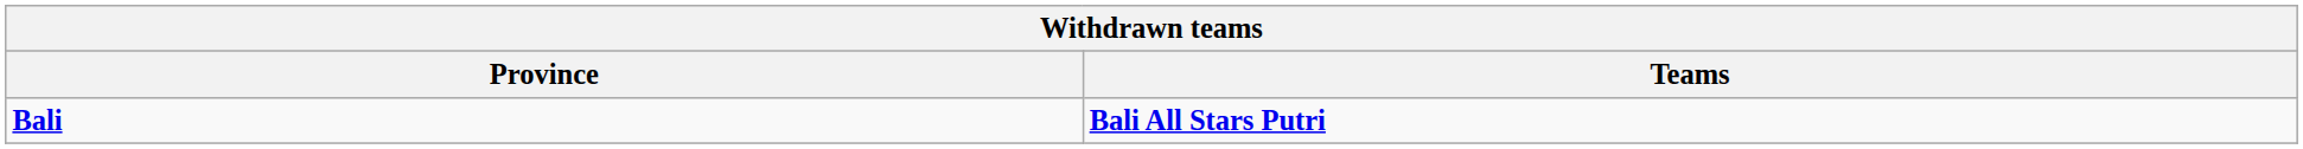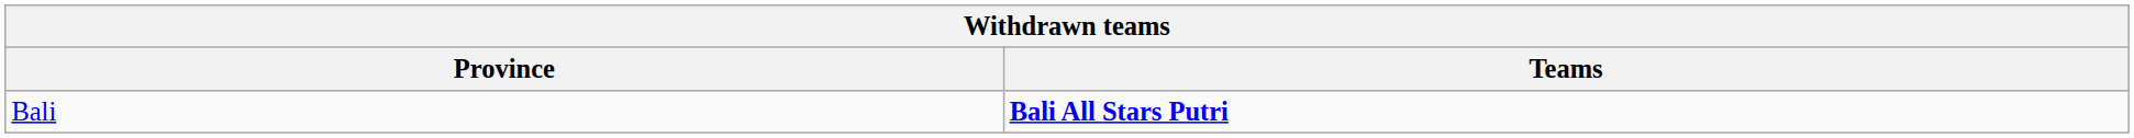 <table class="wikitable sortable" style="width:100%;">
 <tr>
 <th colspan="2"><strong>Withdrawn teams</strong></th>
 </tr>
 <tr>
 <th style="width:47%;">Province</th>
 <th style="width:53%;">Teams</th>
 </tr>
 <tr>
-<td><strong> <a href='#'>Bali</a></strong></td>
+<td> <a href='#'>Bali</a></td>
 <td><strong><a href='#'>Bali All Stars Putri</a></strong></td>
 </tr>
 </table>
